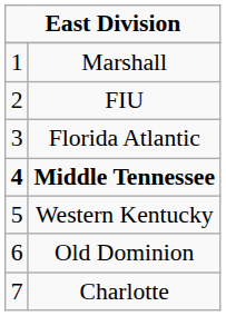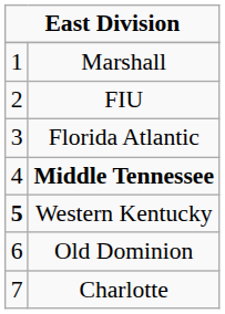 <table class="wikitable">
 <tr align="center">
 <td align="center" Colspan="2"><strong>East Division</strong></td>
 </tr>
 <tr align="center">
 </tr>
 <tr align="center">
 <td>1</td>
 <td>Marshall</td>
 </tr>
 <tr align="center">
 <td>2</td>
 <td>FIU</td>
 </tr>
 <tr align="center">
 <td>3</td>
 <td>Florida Atlantic</td>
 </tr>
 <tr align="center">
-<td><strong>4</strong></td>
+<td>4</td>
 <td><strong>Middle Tennessee</strong></td>
 </tr>
 <tr align="center">
-<td>5</td>
+<td><strong>5</strong></td>
 <td>Western Kentucky</td>
 </tr>
 <tr align="center">
 <td>6</td>
 <td>Old Dominion</td>
 </tr>
 <tr align="center">
 <td>7</td>
 <td>Charlotte</td>
 </tr>
 </table>
